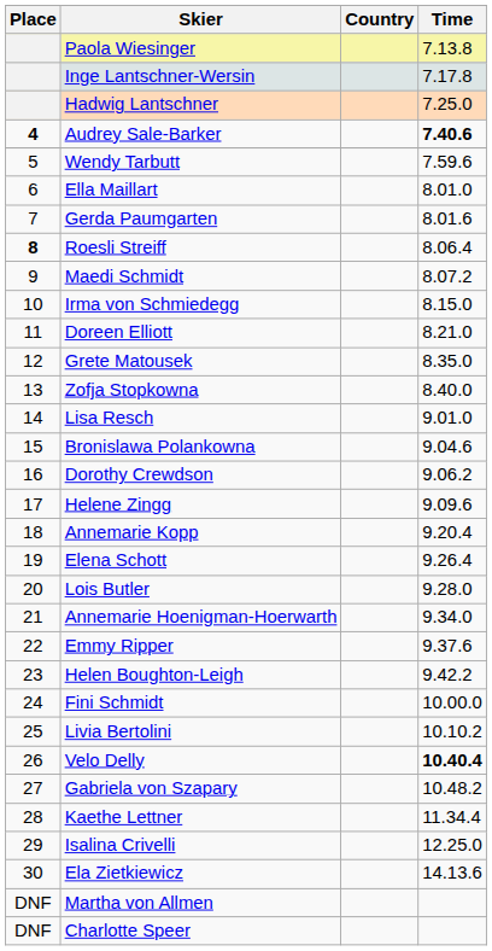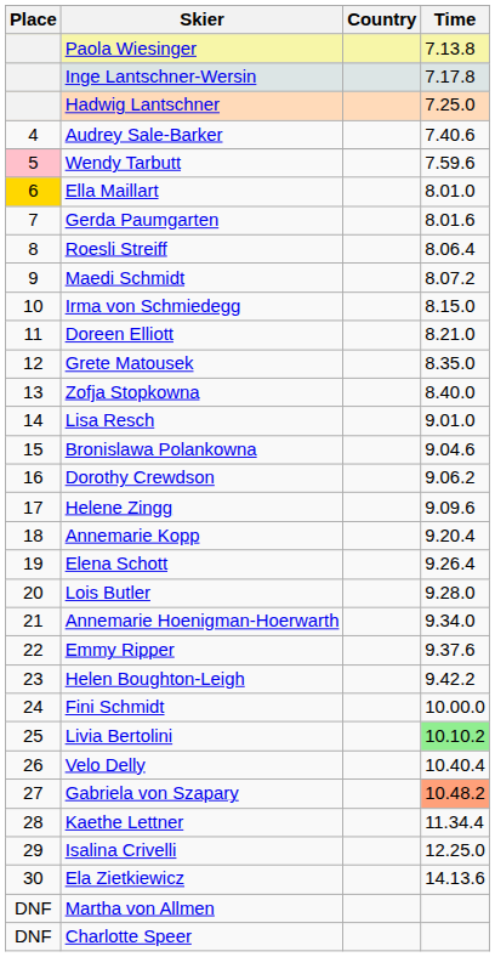 <table class="wikitable sortable">
 <tr>
 </tr>
 <tr class="hintergrundfarbe5">
 </tr>
 <tr style="background:#EFEFEF">
 <th>Place</th>
 <th>Skier</th>
 <th>Country</th>
 <th>Time</th>
 </tr>
 <tr style="background:#F7F6A8">
 <th></th>
 <td><a href='#'>Paola Wiesinger</a></td>
 <td></td>
 <td>7.13.8</td>
 </tr>
 <tr style="background:#DCE5E5">
 <th></th>
 <td><a href='#'>Inge Lantschner-Wersin</a></td>
 <td></td>
 <td>7.17.8</td>
 </tr>
 <tr style="background:#FFDAB9">
 <th></th>
 <td><a href='#'>Hadwig Lantschner</a></td>
 <td></td>
 <td>7.25.0</td>
 </tr>
 <tr>
-<td align=center><strong>4</strong></td>
+<td align=center>4</td>
 <td><a href='#'>Audrey Sale-Barker</a></td>
 <td></td>
-<td><strong>7.40.6</strong></td>
+<td>7.40.6</td>
 </tr>
 <tr>
 </tr>
 <tr>
-<td align=center>5</td>
+<td align=center style="background: pink;">5</td>
 <td><a href='#'>Wendy Tarbutt</a></td>
 <td></td>
 <td>7.59.6</td>
 </tr>
 <tr>
-<td align=center>6</td>
+<td align=center style="background: gold;">6</td>
 <td><a href='#'>Ella Maillart</a></td>
 <td></td>
 <td>8.01.0</td>
 </tr>
 <tr>
 <td align=center>7</td>
 <td><a href='#'>Gerda Paumgarten</a></td>
 <td></td>
 <td>8.01.6</td>
 </tr>
 <tr>
-<td align=center><strong>8</strong></td>
+<td align=center>8</td>
 <td><a href='#'>Roesli Streiff</a></td>
 <td></td>
 <td>8.06.4</td>
 </tr>
 <tr>
 <td align=center>9</td>
 <td><a href='#'>Maedi Schmidt</a></td>
 <td></td>
 <td>8.07.2</td>
 </tr>
 <tr>
 <td align=center>10</td>
 <td><a href='#'>Irma von Schmiedegg</a></td>
 <td></td>
 <td>8.15.0</td>
 </tr>
 <tr>
 <td align=center>11</td>
 <td><a href='#'>Doreen Elliott</a></td>
 <td></td>
 <td>8.21.0</td>
 </tr>
 <tr>
 <td align=center>12</td>
 <td><a href='#'>Grete Matousek</a></td>
 <td></td>
 <td>8.35.0</td>
 </tr>
 <tr>
 <td align=center>13</td>
 <td><a href='#'>Zofja Stopkowna</a></td>
 <td></td>
 <td>8.40.0</td>
 </tr>
 <tr>
 <td align=center>14</td>
 <td><a href='#'>Lisa Resch</a></td>
 <td></td>
 <td>9.01.0</td>
 </tr>
 <tr>
 <td align=center>15</td>
 <td><a href='#'>Bronislawa Polankowna</a></td>
 <td></td>
 <td>9.04.6</td>
 </tr>
 <tr>
 <td align=center>16</td>
 <td><a href='#'>Dorothy Crewdson</a></td>
 <td></td>
 <td>9.06.2</td>
 </tr>
 <tr>
 <td align=center>17</td>
 <td><a href='#'>Helene Zingg</a></td>
 <td></td>
 <td>9.09.6</td>
 </tr>
 <tr>
 <td align=center>18</td>
 <td><a href='#'>Annemarie Kopp</a></td>
 <td></td>
 <td>9.20.4</td>
 </tr>
 <tr>
 <td align=center>19</td>
 <td><a href='#'>Elena Schott</a></td>
 <td></td>
 <td>9.26.4</td>
 </tr>
 <tr>
 <td align=center>20</td>
 <td><a href='#'>Lois Butler</a></td>
 <td></td>
 <td>9.28.0</td>
 </tr>
 <tr>
 <td align=center>21</td>
 <td><a href='#'>Annemarie Hoenigman-Hoerwarth</a></td>
 <td></td>
 <td>9.34.0</td>
 </tr>
 <tr>
 <td align=center>22</td>
 <td><a href='#'>Emmy Ripper</a></td>
 <td></td>
 <td>9.37.6</td>
 </tr>
 <tr>
 <td align=center>23</td>
 <td><a href='#'>Helen Boughton-Leigh</a></td>
 <td></td>
 <td>9.42.2</td>
 </tr>
 <tr>
 <td align=center>24</td>
 <td><a href='#'>Fini Schmidt</a></td>
 <td></td>
 <td>10.00.0</td>
 </tr>
 <tr>
 <td align=center>25</td>
 <td><a href='#'>Livia Bertolini</a></td>
 <td></td>
-<td>10.10.2</td>
+<td style="background: lightgreen;">10.10.2</td>
 </tr>
 <tr>
 <td align=center>26</td>
 <td><a href='#'>Velo Delly</a></td>
 <td></td>
-<td><strong>10.40.4</strong></td>
+<td>10.40.4</td>
 </tr>
 <tr>
 <td align=center>27</td>
 <td><a href='#'>Gabriela von Szapary</a></td>
 <td></td>
-<td>10.48.2</td>
+<td style="background: lightsalmon;">10.48.2</td>
 </tr>
 <tr>
 <td align=center>28</td>
 <td><a href='#'>Kaethe Lettner</a></td>
 <td></td>
 <td>11.34.4</td>
 </tr>
 <tr>
 <td align=center>29</td>
 <td><a href='#'>Isalina Crivelli</a></td>
 <td></td>
 <td>12.25.0</td>
 </tr>
 <tr>
 <td align=center>30</td>
 <td><a href='#'>Ela Zietkiewicz</a></td>
 <td></td>
 <td>14.13.6</td>
 </tr>
 <tr>
 <td align=center>DNF</td>
 <td><a href='#'>Martha von Allmen</a></td>
 <td></td>
 <td></td>
 </tr>
 <tr>
 <td align=center>DNF</td>
 <td><a href='#'>Charlotte Speer</a></td>
 <td></td>
 <td></td>
 </tr>
 </table>
